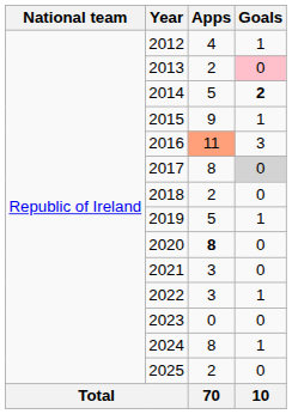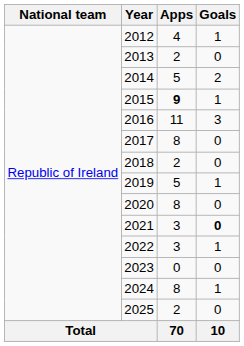 <table class=wikitable style="text-align: center;">
 <tr>
 <th>National team</th>
 <th>Year</th>
 <th>Apps</th>
 <th>Goals</th>
 </tr>
 <tr>
 <td rowspan="14"><a href='#'>Republic of Ireland</a></td>
 <td>2012</td>
 <td>4</td>
 <td>1</td>
 </tr>
 <tr>
 <td>2013</td>
 <td>2</td>
-<td style="background: pink;">0</td>
+<td>0</td>
 </tr>
 <tr>
 <td>2014</td>
 <td>5</td>
-<td><strong>2</strong></td>
+<td>2</td>
 </tr>
 <tr>
 <td>2015</td>
-<td>9</td>
+<td><strong>9</strong></td>
 <td>1</td>
 </tr>
 <tr>
 <td>2016</td>
-<td style="background: lightsalmon;">11</td>
+<td>11</td>
 <td>3</td>
 </tr>
 <tr>
 <td>2017</td>
 <td>8</td>
-<td style="background: lightgrey;">0</td>
+<td>0</td>
 </tr>
 <tr>
 <td>2018</td>
 <td>2</td>
 <td>0</td>
 </tr>
 <tr>
 <td>2019</td>
 <td>5</td>
 <td>1</td>
 </tr>
 <tr>
 <td>2020</td>
-<td><strong>8</strong></td>
+<td>8</td>
 <td>0</td>
 </tr>
 <tr>
 <td>2021</td>
 <td>3</td>
-<td>0</td>
+<td><strong>0</strong></td>
 </tr>
 <tr>
 <td>2022</td>
 <td>3</td>
 <td>1</td>
 </tr>
 <tr>
 <td>2023</td>
 <td>0</td>
 <td>0</td>
 </tr>
 <tr>
 <td>2024</td>
 <td>8</td>
 <td>1</td>
 </tr>
 <tr>
 <td>2025</td>
 <td>2</td>
 <td>0</td>
 </tr>
 <tr>
 <th colspan="2">Total</th>
 <th>70</th>
 <th>10</th>
 </tr>
 </table>
